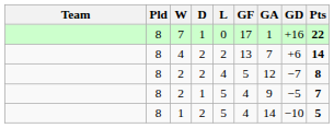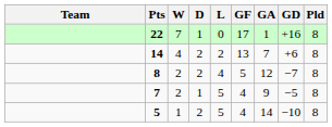 <table class="wikitable" style="text-align: center;">
 <tr>
 <th width="175">Team</th>
-<th width="20">Pld</th>
+<th width="20">Pts</th>
 <th width="20">W</th>
 <th width="20">D</th>
 <th width="20">L</th>
 <th width="20">GF</th>
 <th width="20">GA</th>
 <th width="20">GD</th>
-<th width="20">Pts</th>
+<th width="20">Pld</th>
 </tr>
 <tr bgcolor="#ccffcc">
 <td align=left></td>
-<td>8</td>
+<td><strong>22</strong></td>
 <td>7</td>
 <td>1</td>
 <td>0</td>
 <td>17</td>
 <td>1</td>
 <td>+16</td>
-<td><strong>22</strong></td>
+<td>8</td>
 </tr>
 <tr>
 <td align="left"></td>
-<td>8</td>
+<td><strong>14</strong></td>
 <td>4</td>
 <td>2</td>
 <td>2</td>
 <td>13</td>
 <td>7</td>
 <td>+6</td>
-<td><strong>14</strong></td>
+<td>8</td>
 </tr>
 <tr>
 <td align="left"></td>
-<td>8</td>
+<td><strong>8</strong></td>
 <td>2</td>
 <td>2</td>
 <td>4</td>
 <td>5</td>
 <td>12</td>
 <td>−7</td>
-<td><strong>8</strong></td>
+<td>8</td>
 </tr>
 <tr>
 <td align="left"></td>
-<td>8</td>
+<td><strong>7</strong></td>
 <td>2</td>
 <td>1</td>
 <td>5</td>
 <td>4</td>
 <td>9</td>
 <td>−5</td>
-<td><strong>7</strong></td>
+<td>8</td>
 </tr>
 <tr>
 <td align="left"></td>
-<td>8</td>
+<td><strong>5</strong></td>
 <td>1</td>
 <td>2</td>
 <td>5</td>
 <td>4</td>
 <td>14</td>
 <td>−10</td>
-<td><strong>5</strong></td>
+<td>8</td>
 </tr>
 </table>
